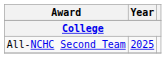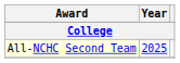 <table class="wikitable">
 <tr>
 <th>Award</th>
 <th>Year</th>
 <th></th>
 </tr>
 <tr ALIGN="center" bgcolor="#e0e0e0">
 </tr>
 <tr ALIGN="center" bgcolor="#e0e0e0">
 <th colspan="3"><a href='#'>College</a></th>
 </tr>
 <tr>
-<td>All-<a href='#'>NCHC</a> <a href='#'>Second Team</a></td>
+<td style="background: lightyellow;">All-<a href='#'>NCHC</a> <a href='#'>Second Team</a></td>
 <td><a href='#'>2025</a></td>
 <td></td>
 </tr>
 <tr>
 </tr>
 </table>
